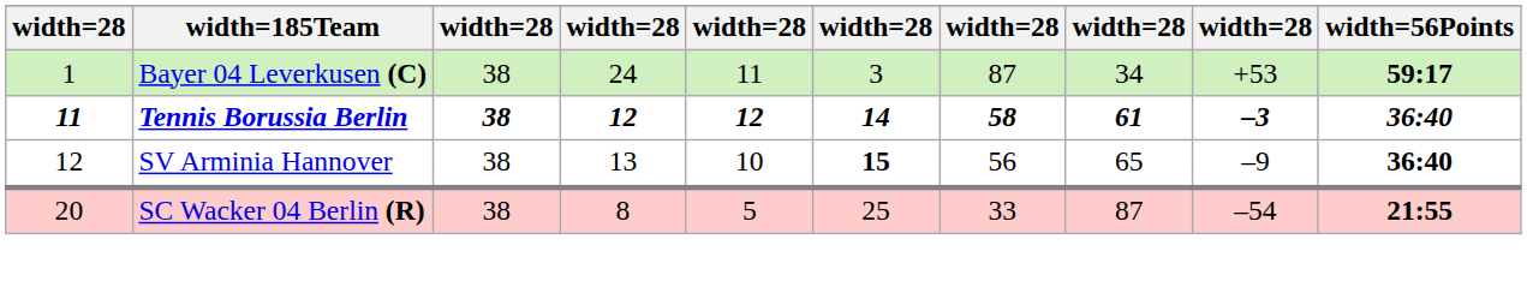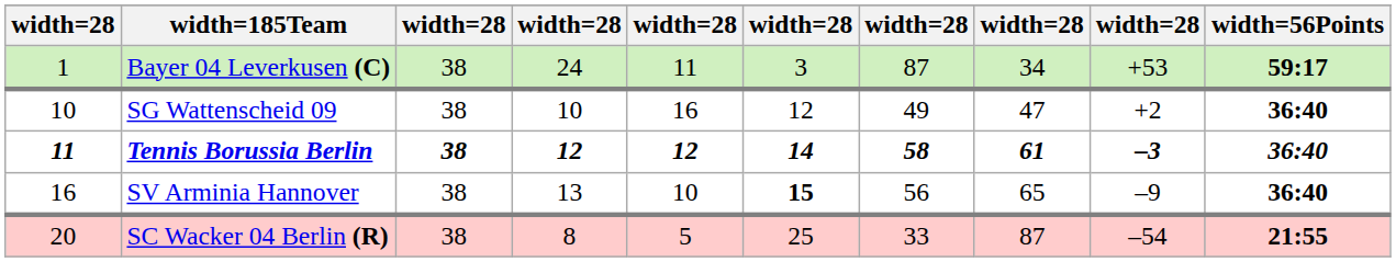 <table class="wikitable">
 <tr align="center" bgcolor="dfdfdf">
 </tr>
 <tr>
 <th>width=28<br></th>
 <th>width=185Team<br></th>
 <th>width=28<br></th>
 <th>width=28<br></th>
 <th>width=28<br></th>
 <th>width=28<br></th>
 <th>width=28<br></th>
 <th>width=28<br></th>
 <th>width=28<br></th>
 <th>width=56Points<br></th>
 </tr>
 <tr align="center" valign="top" bgcolor="D0F0C0">
 <td>1</td>
 <td align="left"><a href='#'>Bayer 04 Leverkusen</a> <strong>(C)</strong></td>
 <td>38</td>
 <td>24</td>
 <td>11</td>
 <td>3</td>
 <td>87</td>
 <td>34</td>
 <td>+53</td>
 <td><strong>59:17</strong></td>
 </tr>
+<tr align="center" valign="top" bgcolor="#ffffff" style="border-top:3px solid grey;">
+<td>10</td>
+<td align="left"><a href='#'>SG Wattenscheid 09</a></td>
+<td>38</td>
+<td>10</td>
+<td>16</td>
+<td>12</td>
+<td>49</td>
+<td>47</td>
+<td>+2</td>
+<td><strong>36:40</strong></td>
+</tr>
 <tr align="center" valign="top" bgcolor="#ffffff">
 <td><strong><em>11</em></strong></td>
 <td align="left"><strong><em><a href='#'>Tennis Borussia Berlin</a></em></strong></td>
 <td><strong><em>38</em></strong></td>
 <td><strong><em>12</em></strong></td>
 <td><strong><em>12</em></strong></td>
 <td><strong><em>14</em></strong></td>
 <td><strong><em>58</em></strong></td>
 <td><strong><em>61</em></strong></td>
 <td><strong><em>–3</em></strong></td>
 <td><strong><em>36:40</em></strong></td>
 </tr>
 <tr align="center" valign="top" bgcolor="#ffffff">
-<td>12</td>
+<td>16</td>
 <td align="left"><a href='#'>SV Arminia Hannover</a></td>
 <td>38</td>
 <td>13</td>
 <td>10</td>
 <td><strong>15</strong></td>
 <td>56</td>
 <td>65</td>
 <td>–9</td>
 <td><strong>36:40</strong></td>
 </tr>
 <tr align="center" valign="top" bgcolor="#FFCCCC" style="border-top:3px solid grey;">
 <td>20</td>
 <td align="left"><a href='#'>SC Wacker 04 Berlin</a> <strong>(R)</strong></td>
 <td>38</td>
 <td>8</td>
 <td>5</td>
 <td>25</td>
 <td>33</td>
 <td>87</td>
 <td>–54</td>
 <td><strong>21:55</strong></td>
 </tr>
 </table>
